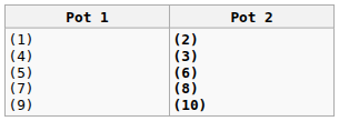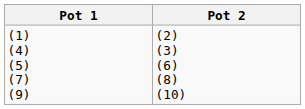 <table class="wikitable">
 <tr>
 <th width=15%>Pot 1</th>
 <th width=15%>Pot 2</th>
 </tr>
 <tr>
 <td> (1)  <br> (4) <br> (5) <br> (7) <br> (9)</td>
-<td><strong> (2) <br> (3) <br> (6) <br> (8) <br> (10)</strong></td>
+<td> (2) <br> (3) <br> (6) <br> (8) <br> (10)</td>
 </tr>
 </table>
